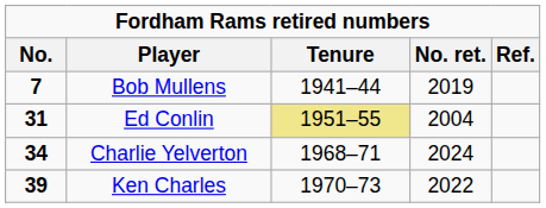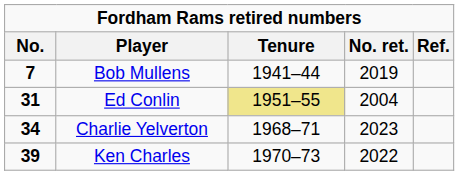 <table class="wikitable sortable" style="text-align:center">
 <tr>
 <td colspan="5"><strong>Fordham Rams retired numbers</strong></td>
 </tr>
 <tr>
 <th width=40px>No.</th>
 <th width=150px>Player</th>
 <th width=100px>Tenure</th>
 <th width=px>No. ret.</th>
 <th width=px>Ref.</th>
 </tr>
 <tr>
 <td><strong>7</strong></td>
 <td><a href='#'>Bob Mullens</a></td>
 <td>1941–44</td>
 <td>2019</td>
 <td></td>
 </tr>
 <tr>
 <td><strong>31</strong></td>
 <td><a href='#'>Ed Conlin</a></td>
 <td style="background: khaki;">1951–55</td>
 <td>2004</td>
 <td></td>
 </tr>
 <tr>
 <td><strong>34</strong></td>
 <td><a href='#'>Charlie Yelverton</a></td>
 <td>1968–71</td>
-<td>2024</td>
+<td>2023</td>
 <td></td>
 </tr>
 <tr>
 <td><strong>39</strong></td>
 <td><a href='#'>Ken Charles</a></td>
 <td>1970–73</td>
 <td>2022</td>
 <td></td>
 </tr>
 </table>
